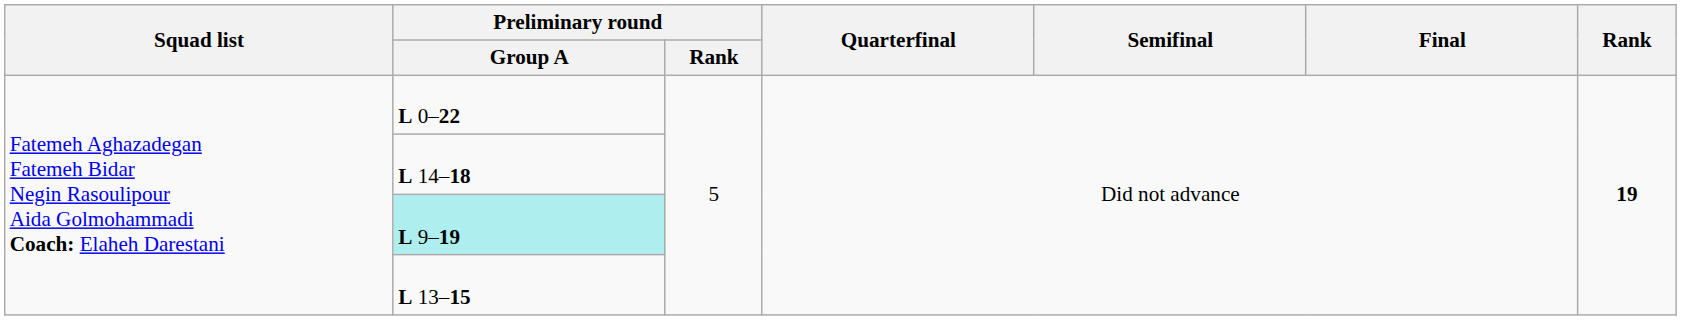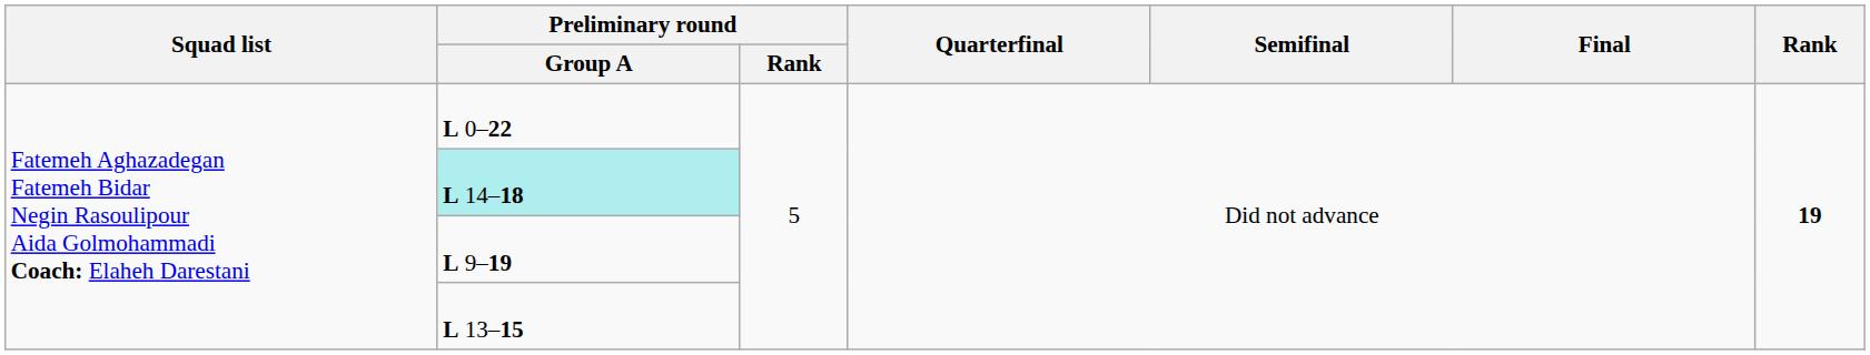 <table class="wikitable" width="90%" style="text-align:left; font-size:90%">
 <tr>
 <th rowspan="2" width="20%">Squad list</th>
 <th colspan="2">Preliminary round</th>
 <th rowspan="2" width="14%">Quarterfinal</th>
 <th rowspan="2" width="14%">Semifinal</th>
 <th rowspan="2" width="14%">Final</th>
 <th rowspan="2" width="5%">Rank</th>
 </tr>
 <tr>
 <th width="14%">Group A</th>
 <th width="5%">Rank</th>
 </tr>
 <tr>
 <td rowspan=4><a href='#'>Fatemeh Aghazadegan</a><br><a href='#'>Fatemeh Bidar</a><br><a href='#'>Negin Rasoulipour</a><br><a href='#'>Aida Golmohammadi</a><br><strong>Coach:</strong> <a href='#'>Elaheh Darestani</a></td>
 <td><br><strong>L</strong> 0–<strong>22</strong></td>
 <td rowspan=4 align=center>5</td>
 <td rowspan=4 colspan=3 align=center>Did not advance</td>
 <td rowspan=4 align="center"><strong>19</strong></td>
 </tr>
 <tr>
-<td><br><strong>L</strong> 14–<strong>18</strong></td>
+<td style="background: paleturquoise;"><br><strong>L</strong> 14–<strong>18</strong></td>
 </tr>
 <tr>
-<td style="background: paleturquoise;"><br><strong>L</strong> 9–<strong>19</strong></td>
+<td><br><strong>L</strong> 9–<strong>19</strong></td>
 </tr>
 <tr>
 <td><br><strong>L</strong> 13–<strong>15</strong></td>
 </tr>
 </table>
